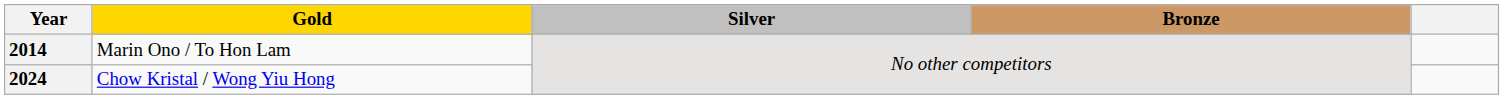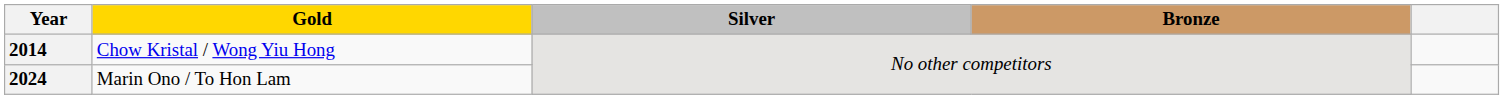 <table class="wikitable unsortable" style="text-align:left; width:80%">
 <tr>
 <th scope="col" style="text-align:center; width:5%">Year</th>
 <td scope="col" style="text-align:center; width:25%; background:gold"><strong>Gold</strong></td>
 <td scope="col" style="text-align:center; width:25%; background:silver"><strong>Silver</strong></td>
 <td scope="col" style="text-align:center; width:25%; background:#c96"><strong>Bronze</strong></td>
 <th scope="col" style="text-align:center; width:5%"></th>
 </tr>
 <tr>
 <th scope="row" style="text-align:left">2014</th>
-<td>Marin Ono / To Hon Lam</td>
+<td><a href='#'>Chow Kristal</a> / <a href='#'>Wong Yiu Hong</a></td>
 <td colspan="2" rowspan="2" align="center" bgcolor="e5e4e2"><em>No other competitors</em></td>
 <td></td>
 </tr>
 <tr>
 <th scope="row" style="text-align:left">2024</th>
-<td><a href='#'>Chow Kristal</a> / <a href='#'>Wong Yiu Hong</a></td>
+<td>Marin Ono / To Hon Lam</td>
 <td></td>
 </tr>
 </table>
